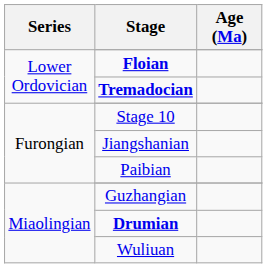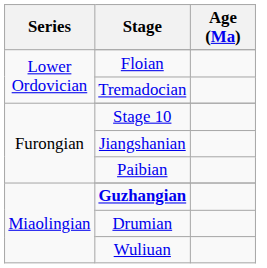 <table class="wikitable" style="text-align:center;">
 <tr>
 <th style="width:75px;">Series</th>
 <th style="width:75px;">Stage</th>
 <th style="width:55px;">Age (<a href='#'>Ma</a>)</th>
 </tr>
 <tr style="background:">
 <td rowspan="3"><a href='#'>Lower Ordovician</a></td>
 </tr>
 <tr style="background:">
-<td><strong><a href='#'>Floian</a></strong></td>
+<td><a href='#'>Floian</a></td>
 <td></td>
 </tr>
 <tr style="background:">
-<td><strong><a href='#'>Tremadocian</a></strong></td>
+<td><a href='#'>Tremadocian</a></td>
 <td></td>
 </tr>
 <tr style="background:">
 <td rowspan="4">Furongian</td>
 </tr>
 <tr style="background:">
 <td><a href='#'>Stage 10</a></td>
 <td></td>
 </tr>
 <tr style="background:">
 <td><a href='#'>Jiangshanian</a></td>
 <td></td>
 </tr>
 <tr style="background:">
 <td><a href='#'>Paibian</a></td>
 <td></td>
 </tr>
 <tr style="background:">
 <td rowspan="4"><a href='#'>Miaolingian</a></td>
 </tr>
 <tr style="background:">
-<td><a href='#'>Guzhangian</a></td>
+<td><strong><a href='#'>Guzhangian</a></strong></td>
 <td></td>
 </tr>
 <tr style="background:">
-<td><strong><a href='#'>Drumian</a></strong></td>
+<td><a href='#'>Drumian</a></td>
 <td></td>
 </tr>
 <tr style="background:">
 <td><a href='#'>Wuliuan</a></td>
 <td></td>
 </tr>
 </table>
